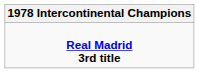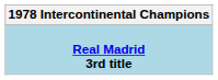 <table class=wikitable style="text-align:center; margin:auto">
 <tr>
 <th>1978 Intercontinental Champions</th>
 </tr>
 <tr>
-<td><br> <strong><a href='#'>Real Madrid</a></strong> <br> <strong>3rd title</strong></td>
+<td style="background: lightblue;"><br> <strong><a href='#'>Real Madrid</a></strong> <br> <strong>3rd title</strong></td>
 </tr>
 </table>
